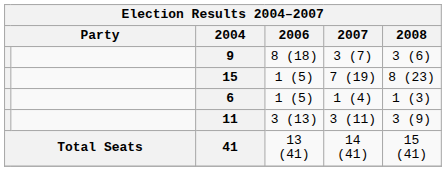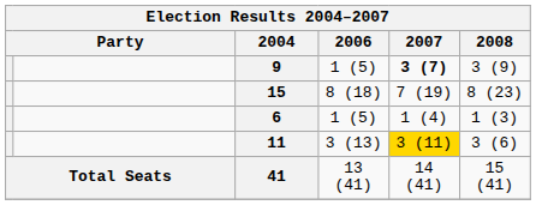 <table class="wikitable" style="font-size: 95%;">
 <tr style="background-color:#E9E9E9">
 <th colspan="10">Election Results 2004–2007</th>
 </tr>
 <tr style="background-color:#E9E9E9">
 <th colspan="2">Party</th>
 <th align="center">2004</th>
 <th style="width: 50px">2006</th>
 <th style="width: 50px">2007</th>
 <th style="width: 50px">2008</th>
 </tr>
 <tr>
 <th style="background-color: "></th>
 <td style="width: 170px"><a href='#'></a></td>
 <th align="center">9</th>
-<td align="center">8 (18)</td>
-<td align="center">3 (7)</td>
-<td align="center">3 (6)</td>
+<td align="center">1 (5)</td>
+<td align="center"><strong>3 (7)</strong></td>
+<td align="center">3 (9)</td>
 </tr>
 <tr>
 <th style="background-color: "></th>
 <td style="width: 170px"><a href='#'></a></td>
 <th align="center">15</th>
-<td align="center">1 (5)</td>
+<td align="center">8 (18)</td>
 <td align="center">7 (19)</td>
 <td align="center">8 (23)</td>
 </tr>
 <tr>
 <th style="background-color: "></th>
 <td style="width: 170px"><a href='#'></a></td>
 <th align="center">6</th>
 <td align="center">1 (5)</td>
 <td align="center">1 (4)</td>
 <td align="center">1 (3)</td>
 </tr>
 <tr>
 <th style="background-color: "></th>
 <td style="width: 170px"></td>
 <th align="center">11</th>
 <td align="center">3 (13)</td>
-<td align="center">3 (11)</td>
-<td align="center">3 (9)</td>
+<td align="center" style="background: gold;">3 (11)</td>
+<td align="center">3 (6)</td>
 </tr>
 <tr>
 <th colspan="2">Total Seats</th>
 <th style="width: 60px">41</th>
 <td align="center">13 (41)</td>
 <td align="center">14 (41)</td>
 <td align="center">15 (41)</td>
 </tr>
 <tr>
 </tr>
 </table>
